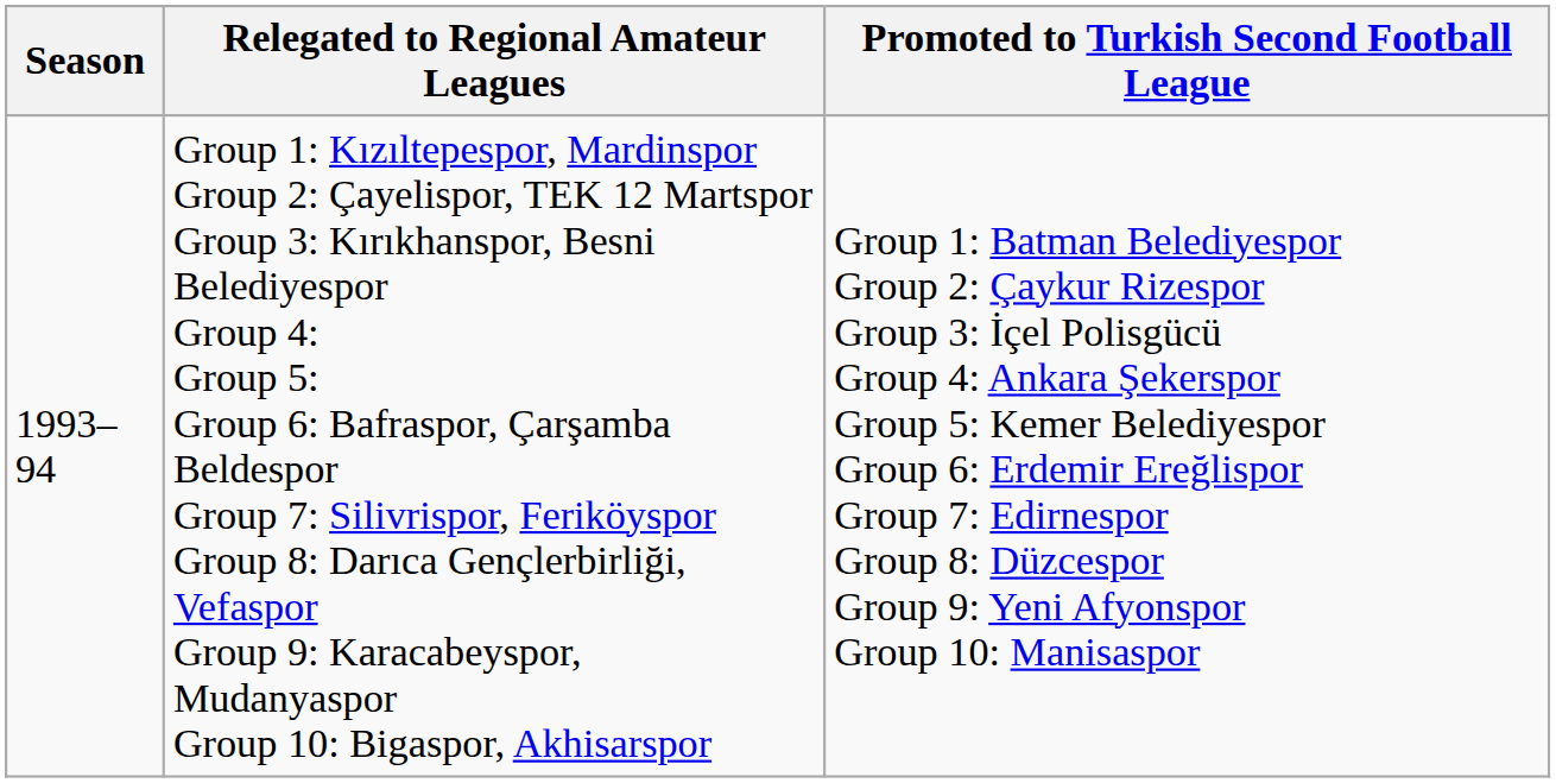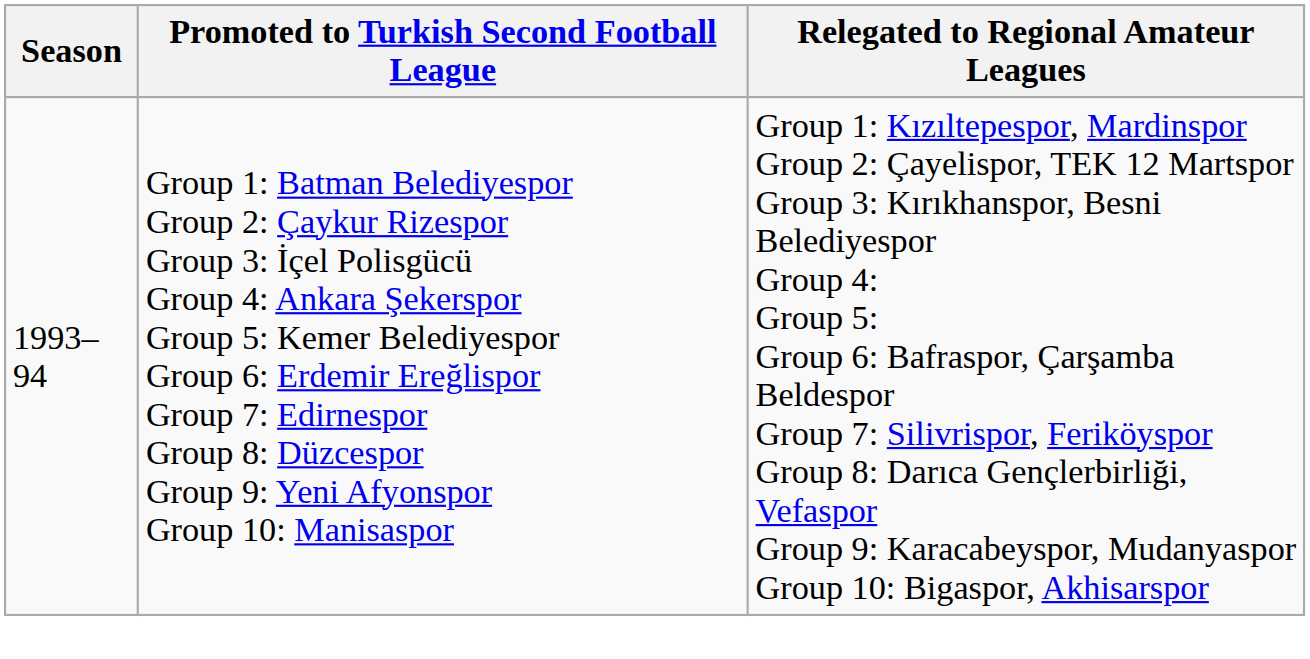 <table class="wikitable">
 <tr>
 <th>Season</th>
+<th>Promoted to <a href='#'>Turkish Second Football League</a></th>
 <th>Relegated to Regional Amateur Leagues</th>
-<th>Promoted to <a href='#'>Turkish Second Football League</a></th>
 </tr>
 <tr>
 <td>1993–94</td>
+<td>Group 1: <a href='#'>Batman Belediyespor</a><br>Group 2: <a href='#'>Çaykur Rizespor</a><br>Group 3: İçel Polisgücü<br>Group 4: <a href='#'>Ankara Şekerspor</a><br>Group 5: Kemer Belediyespor<br>Group 6: <a href='#'>Erdemir Ereğlispor</a><br>Group 7: <a href='#'>Edirnespor</a><br>Group 8: <a href='#'>Düzcespor</a><br>Group 9: <a href='#'>Yeni Afyonspor</a><br>Group 10: <a href='#'>Manisaspor</a></td>
 <td>Group 1: <a href='#'>Kızıltepespor</a>, <a href='#'>Mardinspor</a><br>Group 2: Çayelispor, TEK 12 Martspor<br>Group 3: Kırıkhanspor, Besni Belediyespor<br>Group 4: <br>Group 5: <br>Group 6: Bafraspor, Çarşamba Beldespor<br>Group 7: <a href='#'>Silivrispor</a>, <a href='#'>Feriköyspor</a><br>Group 8: Darıca Gençlerbirliği, <a href='#'>Vefaspor</a><br>Group 9: Karacabeyspor, Mudanyaspor<br>Group 10: Bigaspor, <a href='#'>Akhisarspor</a></td>
-<td>Group 1: <a href='#'>Batman Belediyespor</a><br>Group 2: <a href='#'>Çaykur Rizespor</a><br>Group 3: İçel Polisgücü<br>Group 4: <a href='#'>Ankara Şekerspor</a><br>Group 5: Kemer Belediyespor<br>Group 6: <a href='#'>Erdemir Ereğlispor</a><br>Group 7: <a href='#'>Edirnespor</a><br>Group 8: <a href='#'>Düzcespor</a><br>Group 9: <a href='#'>Yeni Afyonspor</a><br>Group 10: <a href='#'>Manisaspor</a></td>
 </tr>
 </table>
